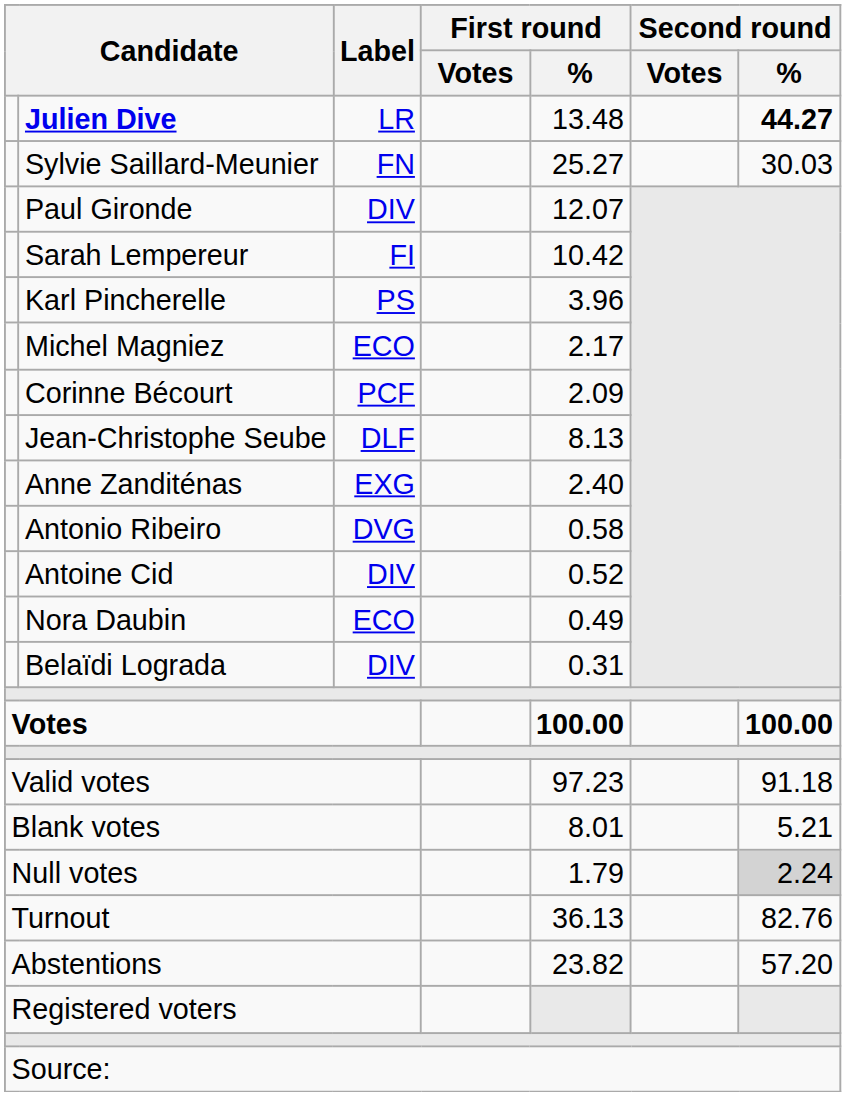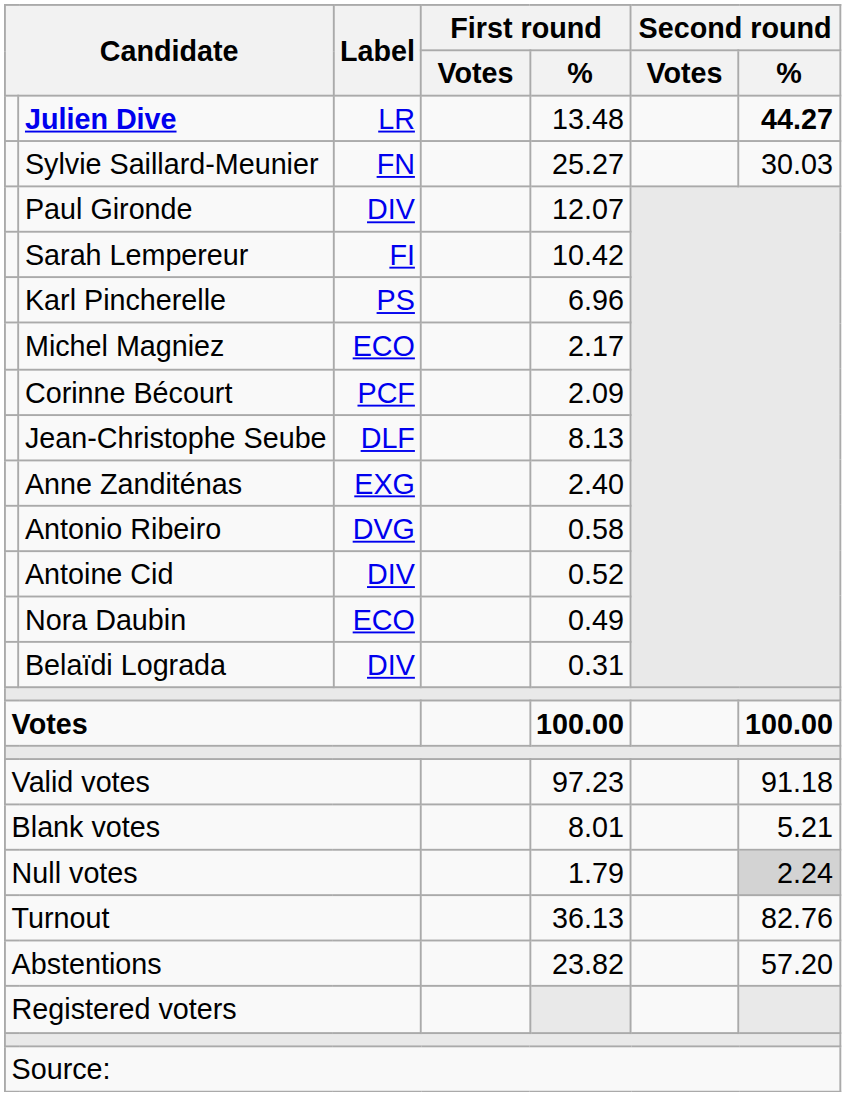 <table class="wikitable" style="text-align:right;font-size:95%;">
 <tr>
 <th colspan="2" rowspan="2">Candidate</th>
 <th rowspan="2">Label</th>
 <th colspan="2">First round</th>
 <th colspan="2">Second round</th>
 </tr>
 <tr>
 <th style="width:50px;">Votes</th>
 <th style="width:45px;">%</th>
 <th style="width:50px;">Votes</th>
 <th style="width:45px;">%</th>
 </tr>
 <tr>
 <td style="color:inherit;background:"></td>
 <td style="text-align:left;"><strong><a href='#'>Julien Dive</a></strong></td>
 <td><a href='#'>LR</a></td>
 <td></td>
 <td>13.48</td>
 <td><strong></strong></td>
 <td><strong>44.27</strong></td>
 </tr>
 <tr>
 <td style="color:inherit;background:"></td>
 <td style="text-align:left;">Sylvie Saillard-Meunier</td>
 <td><a href='#'>FN</a></td>
 <td></td>
 <td>25.27</td>
 <td></td>
 <td>30.03</td>
 </tr>
 <tr>
 <td style="color:inherit;background:"></td>
 <td style="text-align:left;">Paul Gironde</td>
 <td><a href='#'>DIV</a></td>
 <td></td>
 <td>12.07</td>
 <td colspan="2" rowspan="11" style="background:#E9E9E9;"></td>
 </tr>
 <tr>
 <td style="color:inherit;background:"></td>
 <td style="text-align:left;">Sarah Lempereur</td>
 <td><a href='#'>FI</a></td>
 <td></td>
 <td>10.42</td>
 </tr>
 <tr>
 <td style="color:inherit;background:"></td>
 <td style="text-align:left;">Karl Pincherelle</td>
 <td><a href='#'>PS</a></td>
 <td></td>
-<td>3.96</td>
+<td>6.96</td>
 </tr>
 <tr>
 <td style="color:inherit;background:"></td>
 <td style="text-align:left;">Michel Magniez</td>
 <td><a href='#'>ECO</a></td>
 <td></td>
 <td>2.17</td>
 </tr>
 <tr>
 <td style="color:inherit;background:"></td>
 <td style="text-align:left;">Corinne Bécourt</td>
 <td><a href='#'>PCF</a></td>
 <td></td>
 <td>2.09</td>
 </tr>
 <tr>
 <td style="color:inherit;background:"></td>
 <td style="text-align:left;">Jean-Christophe Seube</td>
 <td><a href='#'>DLF</a></td>
 <td></td>
 <td>8.13</td>
 </tr>
 <tr>
 <td style="color:inherit;background:"></td>
 <td style="text-align:left;">Anne Zanditénas</td>
 <td><a href='#'>EXG</a></td>
 <td></td>
 <td>2.40</td>
 </tr>
 <tr>
 <td style="color:inherit;background:"></td>
 <td style="text-align:left;">Antonio Ribeiro</td>
 <td><a href='#'>DVG</a></td>
 <td></td>
 <td>0.58</td>
 </tr>
 <tr>
 <td style="color:inherit;background:"></td>
 <td style="text-align:left;">Antoine Cid</td>
 <td><a href='#'>DIV</a></td>
 <td></td>
 <td>0.52</td>
 </tr>
 <tr>
 <td style="color:inherit;background:"></td>
 <td style="text-align:left;">Nora Daubin</td>
 <td><a href='#'>ECO</a></td>
 <td></td>
 <td>0.49</td>
 </tr>
 <tr>
 <td style="color:inherit;background:"></td>
 <td style="text-align:left;">Belaïdi Lograda</td>
 <td><a href='#'>DIV</a></td>
 <td></td>
 <td>0.31</td>
 </tr>
 <tr>
 <td colspan="7" style="background:#E9E9E9;"></td>
 </tr>
 <tr style="font-weight:bold;">
 <td colspan="3" style="text-align:left;">Votes</td>
 <td></td>
 <td>100.00</td>
 <td></td>
 <td>100.00</td>
 </tr>
 <tr>
 <td colspan="7" style="background:#E9E9E9;"></td>
 </tr>
 <tr>
 <td colspan="3" style="text-align:left;">Valid votes</td>
 <td></td>
 <td>97.23</td>
 <td></td>
 <td>91.18</td>
 </tr>
 <tr>
 <td colspan="3" style="text-align:left;">Blank votes</td>
 <td></td>
 <td>8.01</td>
 <td></td>
 <td>5.21</td>
 </tr>
 <tr>
 <td colspan="3" style="text-align:left;">Null votes</td>
 <td></td>
 <td>1.79</td>
 <td></td>
 <td style="background: lightgrey;">2.24</td>
 </tr>
 <tr>
 <td colspan="3" style="text-align:left;">Turnout</td>
 <td></td>
 <td>36.13</td>
 <td></td>
 <td>82.76</td>
 </tr>
 <tr>
 <td colspan="3" style="text-align:left;">Abstentions</td>
 <td></td>
 <td>23.82</td>
 <td></td>
 <td>57.20</td>
 </tr>
 <tr>
 <td colspan="3" style="text-align:left;">Registered voters</td>
 <td></td>
 <td style="background:#E9E9E9;"></td>
 <td></td>
 <td style="background:#E9E9E9;"></td>
 </tr>
 <tr>
 <td colspan="7" style="background:#E9E9E9;"></td>
 </tr>
 <tr>
 <td colspan="7" style="text-align:left;">Source: </td>
 </tr>
 </table>
